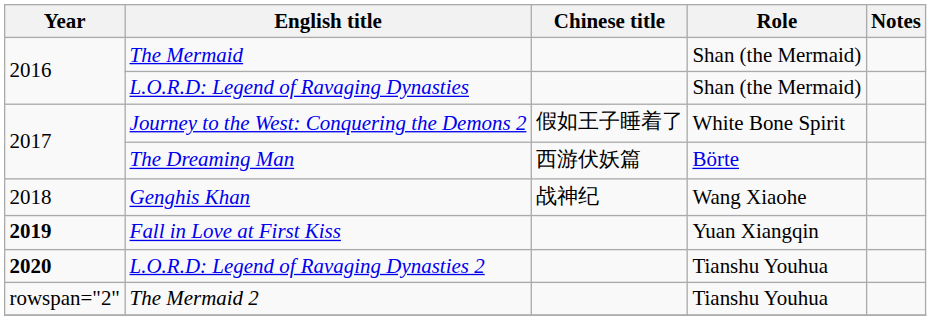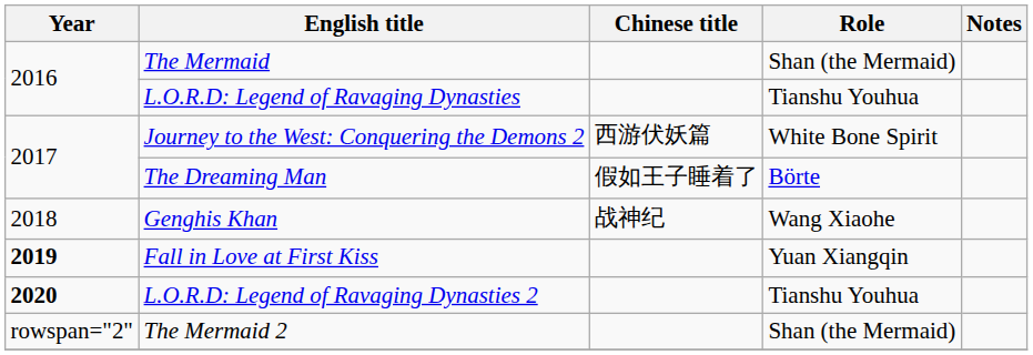 <table class="wikitable">
 <tr>
 <th>Year</th>
 <th>English title</th>
 <th>Chinese title</th>
 <th>Role</th>
 <th>Notes</th>
 </tr>
 <tr>
 <td rowspan="2">2016</td>
 <td><em><a href='#'>The Mermaid</a></em></td>
 <td></td>
 <td>Shan (the Mermaid)</td>
 <td></td>
 </tr>
 <tr>
 <td><em><a href='#'>L.O.R.D: Legend of Ravaging Dynasties</a></em></td>
 <td></td>
-<td>Shan (the Mermaid)</td>
+<td>Tianshu Youhua</td>
 <td></td>
 </tr>
 <tr>
 <td rowspan="2">2017</td>
 <td><em><a href='#'>Journey to the West: Conquering the Demons 2</a></em></td>
-<td>假如王子睡着了</td>
+<td>西游伏妖篇</td>
 <td>White Bone Spirit</td>
 <td></td>
 </tr>
 <tr>
 <td><em><a href='#'>The Dreaming Man</a></em></td>
-<td>西游伏妖篇</td>
+<td>假如王子睡着了</td>
 <td><a href='#'>Börte</a></td>
 <td></td>
 </tr>
 <tr>
 <td rowspan="1">2018</td>
 <td><em><a href='#'>Genghis Khan</a></em></td>
 <td>战神纪</td>
 <td>Wang Xiaohe</td>
 <td></td>
 </tr>
 <tr>
 <td><strong>2019</strong></td>
 <td><em><a href='#'>Fall in Love at First Kiss</a></em></td>
 <td></td>
 <td>Yuan Xiangqin</td>
 <td></td>
 </tr>
 <tr>
 <td><strong>2020</strong></td>
 <td><em><a href='#'>L.O.R.D: Legend of Ravaging Dynasties 2</a></em></td>
 <td></td>
 <td>Tianshu Youhua</td>
 <td></td>
 </tr>
 <tr>
 <td>rowspan="2" </td>
 <td><em>The Mermaid 2</em></td>
 <td></td>
-<td>Tianshu Youhua</td>
+<td>Shan (the Mermaid)</td>
 <td></td>
 </tr>
 <tr>
 </tr>
 </table>
